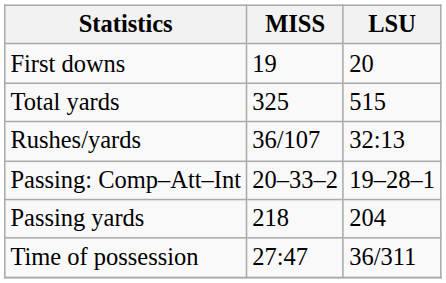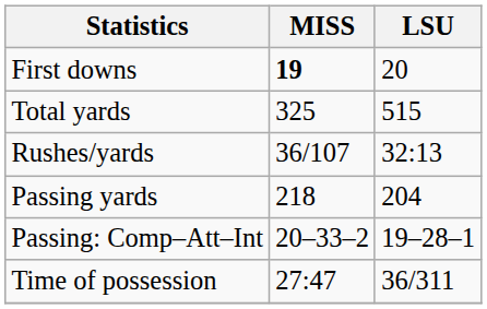 <table class="wikitable" style="float: left;">
 <tr>
 <th>Statistics</th>
 <th>MISS</th>
 <th>LSU</th>
 </tr>
 <tr>
 <td>First downs</td>
-<td>19</td>
+<td><strong>19</strong></td>
 <td>20</td>
 </tr>
 <tr>
 <td>Total yards</td>
 <td>325</td>
 <td>515</td>
 </tr>
 <tr>
 <td>Rushes/yards</td>
 <td>36/107</td>
 <td>32:13</td>
 </tr>
 <tr>
+<td>Passing yards</td>
+<td>218</td>
+<td>204</td>
+</tr>
+<tr>
 <td>Passing: Comp–Att–Int</td>
 <td>20–33–2</td>
 <td>19–28–1</td>
-</tr>
-<tr>
-<td>Passing yards</td>
-<td>218</td>
-<td>204</td>
 </tr>
 <tr>
 <td>Time of possession</td>
 <td>27:47</td>
 <td>36/311</td>
 </tr>
 <tr>
 </tr>
 </table>
